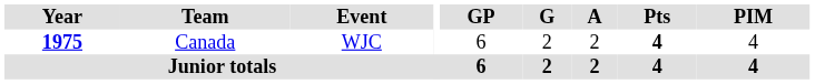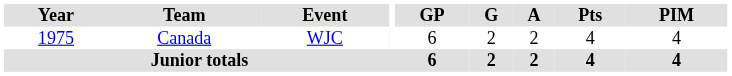 <table border="0" cellpadding="1" cellspacing="0" ID="Table3" style="text-align:center; width:40em">
 <tr bgcolor="#e0e0e0">
 <th>Year</th>
 <th>Team</th>
 <th>Event</th>
 <th rowspan="102" bgcolor="#ffffff"></th>
 <th>GP</th>
 <th>G</th>
 <th>A</th>
 <th>Pts</th>
 <th>PIM</th>
 </tr>
 <tr>
-<td><strong><a href='#'>1975</a></strong></td>
+<td><a href='#'>1975</a></td>
 <td><a href='#'>Canada</a></td>
 <td><a href='#'>WJC</a></td>
 <td>6</td>
 <td>2</td>
 <td>2</td>
-<td><strong>4</strong></td>
+<td>4</td>
 <td>4</td>
 </tr>
 <tr bgcolor="#e0e0e0">
 <th colspan="4">Junior totals</th>
 <th>6</th>
 <th>2</th>
 <th>2</th>
 <th>4</th>
 <th>4</th>
 </tr>
 </table>
